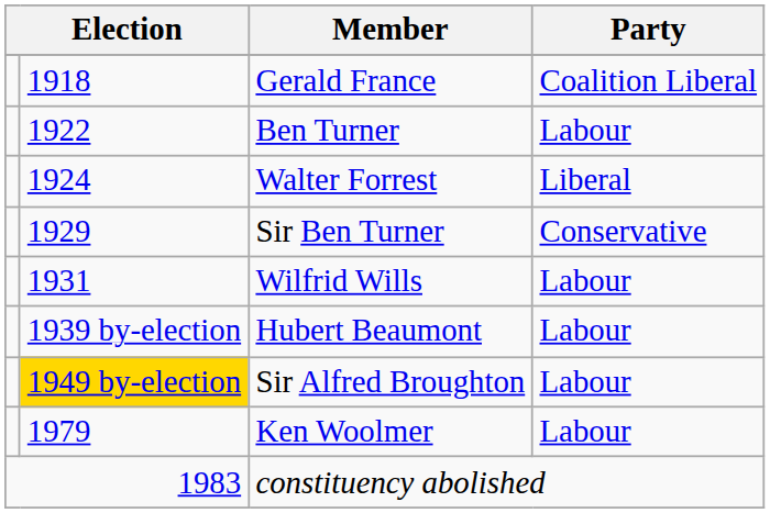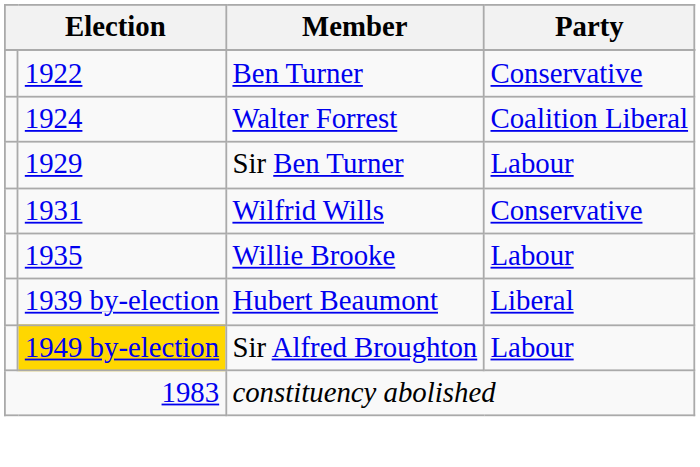 <table class="wikitable">
 <tr>
 <th colspan="2">Election</th>
 <th>Member</th>
 <th>Party</th>
 </tr>
 <tr>
 </tr>
 <tr>
 <td style="color:inherit;background-color: "></td>
-<td><a href='#'>1918</a></td>
-<td><a href='#'>Gerald France</a></td>
-<td><a href='#'>Coalition Liberal</a></td>
-</tr>
-<tr>
-<td style="color:inherit;background-color: "></td>
 <td><a href='#'>1922</a></td>
 <td><a href='#'>Ben Turner</a></td>
-<td><a href='#'>Labour</a></td>
+<td><a href='#'>Conservative</a></td>
 </tr>
 <tr>
 <td style="color:inherit;background-color: "></td>
 <td><a href='#'>1924</a></td>
 <td><a href='#'>Walter Forrest</a></td>
-<td><a href='#'>Liberal</a></td>
+<td><a href='#'>Coalition Liberal</a></td>
 </tr>
 <tr>
 <td style="color:inherit;background-color: "></td>
 <td><a href='#'>1929</a></td>
 <td>Sir <a href='#'>Ben Turner</a></td>
-<td><a href='#'>Conservative</a></td>
+<td><a href='#'>Labour</a></td>
 </tr>
 <tr>
 <td style="color:inherit;background-color: "></td>
 <td><a href='#'>1931</a></td>
 <td><a href='#'>Wilfrid Wills</a></td>
+<td><a href='#'>Conservative</a></td>
+</tr>
+<tr>
+<td style="color:inherit;background-color: "></td>
+<td><a href='#'>1935</a></td>
+<td><a href='#'>Willie Brooke</a></td>
 <td><a href='#'>Labour</a></td>
 </tr>
 <tr>
 <td style="color:inherit;background-color: "></td>
 <td><a href='#'>1939 by-election</a></td>
 <td><a href='#'>Hubert Beaumont</a></td>
-<td><a href='#'>Labour</a></td>
+<td><a href='#'>Liberal</a></td>
 </tr>
 <tr>
 <td style="color:inherit;background-color: "></td>
 <td style="background: gold;"><a href='#'>1949 by-election</a></td>
 <td>Sir <a href='#'>Alfred Broughton</a></td>
 <td><a href='#'>Labour</a></td>
 </tr>
 <tr>
-<td style="color:inherit;background-color: "></td>
-<td><a href='#'>1979</a></td>
-<td><a href='#'>Ken Woolmer</a></td>
-<td><a href='#'>Labour</a></td>
-</tr>
-<tr>
 <td colspan="2" align="right"><a href='#'>1983</a></td>
 <td colspan="2"><em>constituency abolished</em></td>
 </tr>
 </table>
